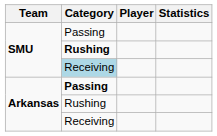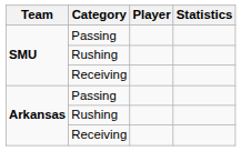 <table class="wikitable" style="float: right;">
 <tr>
 <th>Team</th>
 <th>Category</th>
 <th>Player</th>
 <th>Statistics</th>
 </tr>
 <tr>
 <td rowspan=3><strong>SMU</strong></td>
 <td>Passing</td>
 <td></td>
 <td></td>
 </tr>
 <tr>
-<td><strong>Rushing</strong></td>
+<td>Rushing</td>
 <td></td>
 <td></td>
 </tr>
 <tr>
-<td style="background: lightblue;">Receiving</td>
+<td>Receiving</td>
 <td></td>
 <td></td>
 </tr>
 <tr>
 <td rowspan=3><strong>Arkansas</strong></td>
-<td><strong>Passing</strong></td>
+<td>Passing</td>
 <td></td>
 <td></td>
 </tr>
 <tr>
 <td>Rushing</td>
 <td></td>
 <td></td>
 </tr>
 <tr>
 <td>Receiving</td>
 <td></td>
 <td></td>
 </tr>
 </table>
